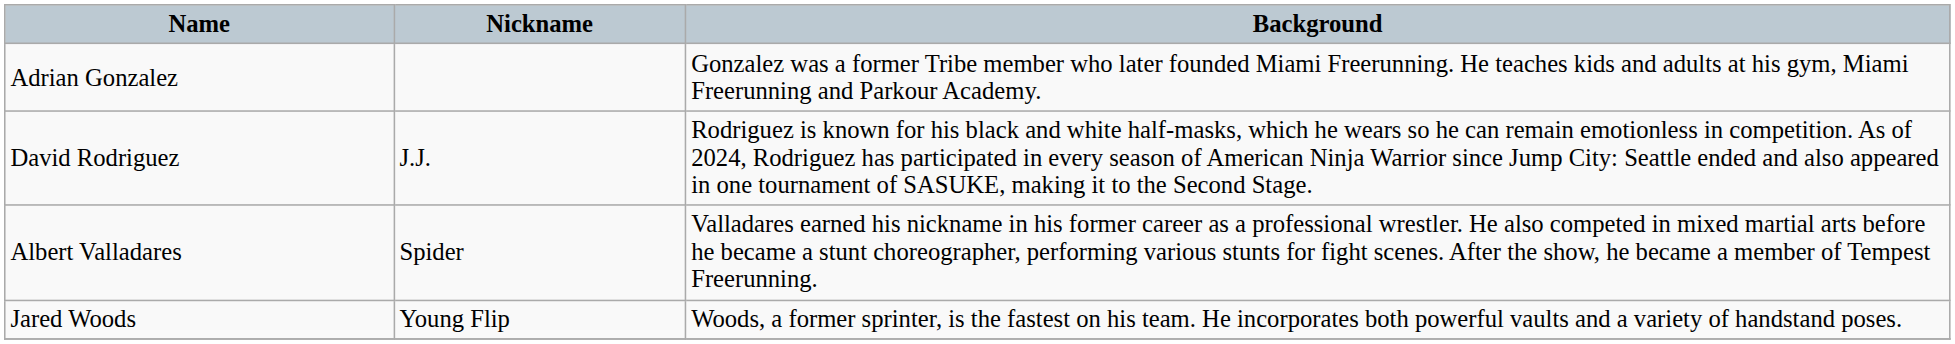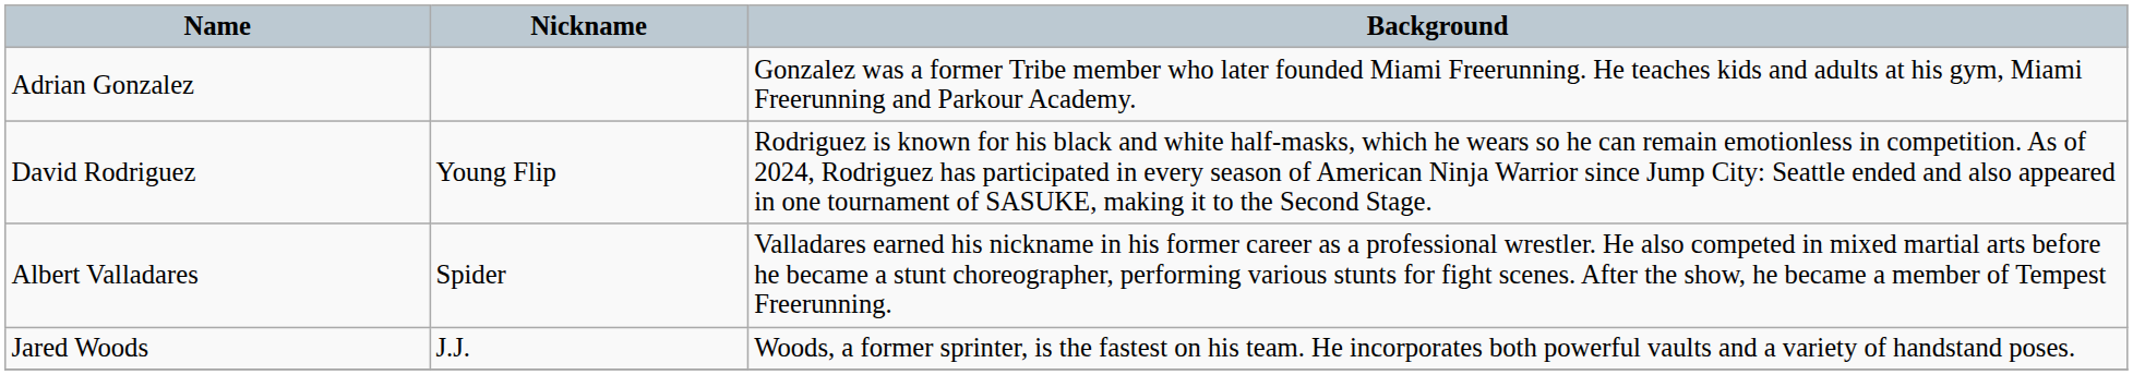 <table class="wikitable" style="margin: auto; width: 100%">
 <tr style="background:#BCC9D2; color:black">
 <th style="background-color: #BCC9D2; width: 20%">Name</th>
 <th style="background-color: #BCC9D2; width: 15%">Nickname</th>
 <th style="background-color: #BCC9D2; width: 65%">Background</th>
 </tr>
 <tr>
 <td>Adrian Gonzalez</td>
 <td></td>
 <td>Gonzalez was a former Tribe member who later founded Miami Freerunning. He teaches kids and adults at his gym, Miami Freerunning and Parkour Academy.</td>
 </tr>
 <tr>
 <td>David Rodriguez</td>
-<td>J.J.</td>
+<td>Young Flip</td>
 <td>Rodriguez is known for his black and white half-masks, which he wears so he can remain emotionless in competition. As of 2024, Rodriguez has participated in every season of American Ninja Warrior since Jump City: Seattle ended and also appeared in one tournament of SASUKE, making it to the Second Stage.</td>
 </tr>
 <tr>
 <td>Albert Valladares</td>
 <td>Spider</td>
 <td>Valladares earned his nickname in his former career as a professional wrestler. He also competed in mixed martial arts before he became a stunt choreographer, performing various stunts for fight scenes. After the show, he became a member of Tempest Freerunning.</td>
 </tr>
 <tr>
 <td>Jared Woods</td>
-<td>Young Flip</td>
+<td>J.J.</td>
 <td>Woods, a former sprinter, is the fastest on his team. He incorporates both powerful vaults and a variety of handstand poses.</td>
 </tr>
 <tr>
 </tr>
 </table>
